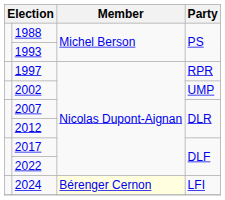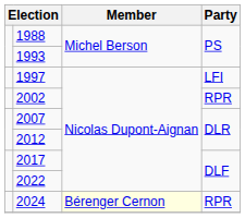 <table class="wikitable">
 <tr>
 <th colspan="2">Election</th>
 <th>Member</th>
 <th>Party</th>
 </tr>
 <tr>
 <td rowspan="2" style="color:inherit;background-color: "></td>
 <td><a href='#'>1988</a></td>
 <td rowspan="2"><a href='#'>Michel Berson</a></td>
 <td rowspan="2"><a href='#'>PS</a></td>
 </tr>
 <tr>
 <td><a href='#'>1993</a></td>
 </tr>
 <tr>
 <td style="color:inherit;background-color: "></td>
 <td><a href='#'>1997</a></td>
 <td rowspan="6"><a href='#'>Nicolas Dupont-Aignan</a></td>
-<td><a href='#'>RPR</a></td>
+<td><a href='#'>LFI</a></td>
 </tr>
 <tr>
 <td style="color:inherit;background-color: "></td>
 <td><a href='#'>2002</a></td>
-<td><a href='#'>UMP</a></td>
+<td><a href='#'>RPR</a></td>
 </tr>
 <tr>
 <td rowspan="2" style="color:inherit;background-color: "></td>
 <td><a href='#'>2007</a></td>
 <td rowspan="2"><a href='#'>DLR</a></td>
 </tr>
 <tr>
 <td><a href='#'>2012</a></td>
 </tr>
 <tr>
 <td rowspan="2" style="color:inherit;background-color: "></td>
 <td><a href='#'>2017</a></td>
 <td rowspan="2"><a href='#'>DLF</a></td>
 </tr>
 <tr>
 <td><a href='#'>2022</a></td>
 </tr>
 <tr>
 <td style="color:inherit;background-color: "></td>
 <td><a href='#'>2024</a></td>
 <td style="background: lightyellow;"><a href='#'>Bérenger Cernon</a></td>
-<td><a href='#'>LFI</a></td>
+<td><a href='#'>RPR</a></td>
 </tr>
 <tr>
 </tr>
 </table>
